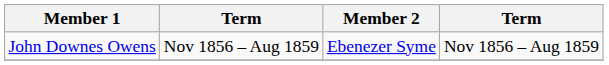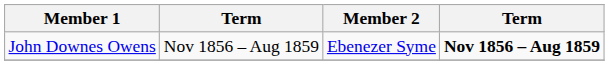 <table class="wikitable">
 <tr>
 <th>Member 1</th>
 <th>Term</th>
 <th>Member 2</th>
 <th>Term</th>
 </tr>
 <tr>
 <td><a href='#'>John Downes Owens</a></td>
 <td>Nov 1856 – Aug 1859</td>
 <td><a href='#'>Ebenezer Syme</a></td>
-<td>Nov 1856 – Aug 1859</td>
+<td><strong>Nov 1856 – Aug 1859</strong></td>
 </tr>
 <tr>
 </tr>
 </table>
